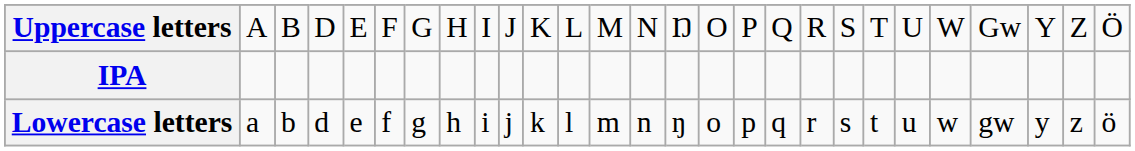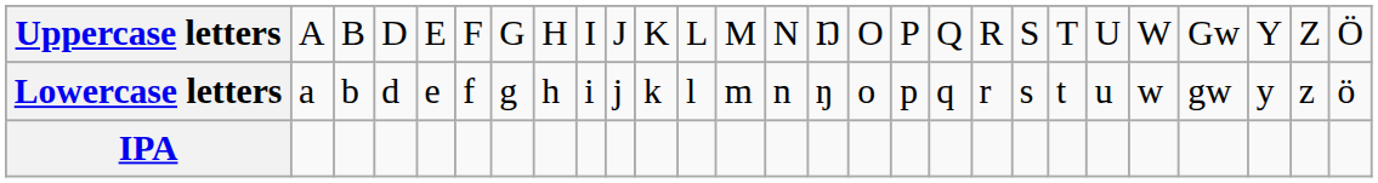 <table class="wikitable">
 <tr>
 <th><a href='#'>Uppercase</a> letters</th>
 <td>A</td>
 <td>B</td>
 <td>D</td>
 <td>E</td>
 <td>F</td>
 <td>G</td>
 <td>H</td>
 <td>I</td>
 <td>J</td>
 <td>K</td>
 <td>L</td>
 <td>M</td>
 <td>N</td>
 <td>Ŋ</td>
 <td>O</td>
 <td>P</td>
 <td>Q</td>
 <td>R</td>
 <td>S</td>
 <td>T</td>
 <td>U</td>
 <td>W</td>
 <td>Gw</td>
 <td>Y</td>
 <td>Z</td>
 <td>Ö</td>
 </tr>
 <tr>
+<th><a href='#'>Lowercase</a> letters</th>
+<td>a</td>
+<td>b</td>
+<td>d</td>
+<td>e</td>
+<td>f</td>
+<td>g</td>
+<td>h</td>
+<td>i</td>
+<td>j</td>
+<td>k</td>
+<td>l</td>
+<td>m</td>
+<td>n</td>
+<td>ŋ</td>
+<td>o</td>
+<td>p</td>
+<td>q</td>
+<td>r</td>
+<td>s</td>
+<td>t</td>
+<td>u</td>
+<td>w</td>
+<td>gw</td>
+<td>y</td>
+<td>z</td>
+<td>ö</td>
+</tr>
+<tr>
 <th><a href='#'>IPA</a></th>
 <td></td>
 <td></td>
 <td></td>
 <td></td>
 <td></td>
 <td></td>
 <td></td>
 <td></td>
 <td></td>
 <td></td>
 <td></td>
 <td></td>
 <td></td>
 <td></td>
 <td></td>
 <td></td>
 <td></td>
 <td></td>
 <td></td>
 <td></td>
 <td></td>
 <td></td>
 <td></td>
 <td></td>
 <td></td>
 <td></td>
 </tr>
-<tr>
-<th><a href='#'>Lowercase</a> letters</th>
-<td>a</td>
-<td>b</td>
-<td>d</td>
-<td>e</td>
-<td>f</td>
-<td>g</td>
-<td>h</td>
-<td>i</td>
-<td>j</td>
-<td>k</td>
-<td>l</td>
-<td>m</td>
-<td>n</td>
-<td>ŋ</td>
-<td>o</td>
-<td>p</td>
-<td>q</td>
-<td>r</td>
-<td>s</td>
-<td>t</td>
-<td>u</td>
-<td>w</td>
-<td>gw</td>
-<td>y</td>
-<td>z</td>
-<td>ö</td>
-</tr>
 </table>
